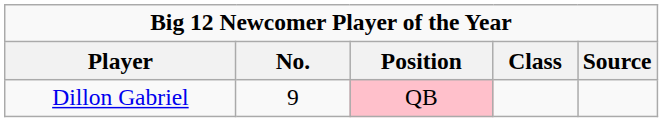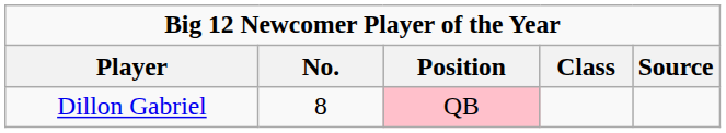 <table class="wikitable" style="text-align:center">
 <tr>
 <td colspan="5" style="text-align:center; "><strong>Big 12 Newcomer Player of the Year</strong></td>
 </tr>
 <tr>
 <th style="width:150px; ">Player</th>
 <th style="width:70px; ">No.</th>
 <th style="width:90px; ">Position</th>
 <th style="width:50px; ">Class</th>
 <th style="width:10px; ">Source</th>
 </tr>
 <tr>
 <td><a href='#'>Dillon Gabriel</a></td>
-<td>9</td>
+<td>8</td>
 <td style="background: pink;">QB</td>
 <td></td>
 <td></td>
 </tr>
 </table>
